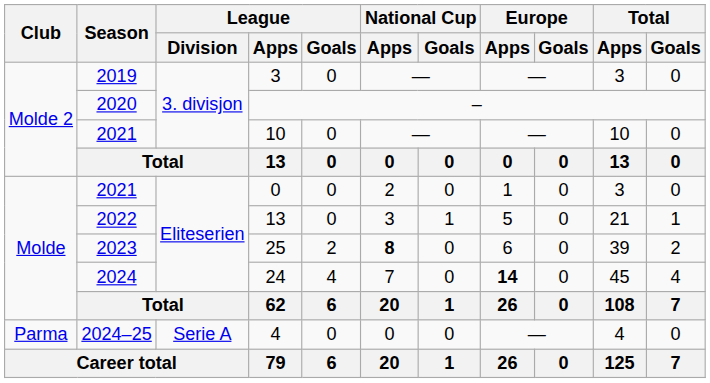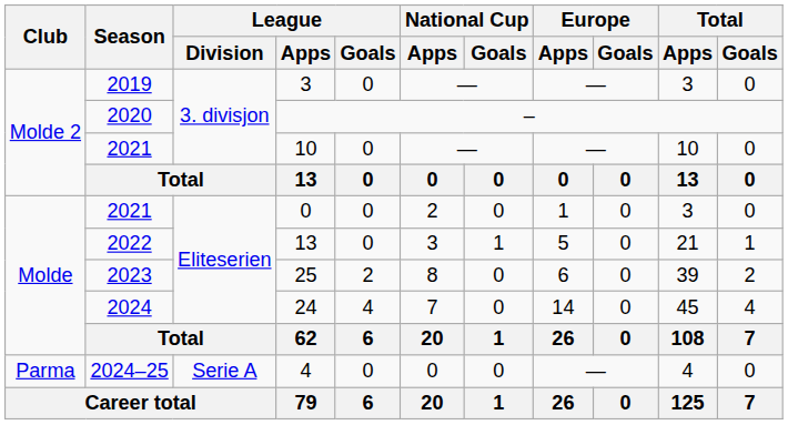 <table class="wikitable" style="text-align: center">
 <tr>
 <th rowspan="2">Club</th>
 <th rowspan="2">Season</th>
 <th colspan="3">League</th>
 <th colspan="2">National Cup</th>
 <th colspan="2">Europe</th>
 <th colspan="2">Total</th>
 </tr>
 <tr>
 <th>Division</th>
 <th>Apps</th>
 <th>Goals</th>
 <th>Apps</th>
 <th>Goals</th>
 <th>Apps</th>
 <th>Goals</th>
 <th>Apps</th>
 <th>Goals</th>
 </tr>
 <tr>
 <td rowspan="4"><a href='#'>Molde 2</a></td>
 <td><a href='#'>2019</a></td>
 <td rowspan="3"><a href='#'>3. divisjon</a></td>
 <td>3</td>
 <td>0</td>
 <td colspan="2">—</td>
 <td colspan="2">—</td>
 <td>3</td>
 <td>0</td>
 </tr>
 <tr>
 <td><a href='#'>2020</a></td>
 <td colspan="10">–</td>
 </tr>
 <tr>
 <td><a href='#'>2021</a></td>
 <td>10</td>
 <td>0</td>
 <td colspan="2">—</td>
 <td colspan="2">—</td>
 <td>10</td>
 <td>0</td>
 </tr>
 <tr>
 <th colspan="2">Total</th>
 <th>13</th>
 <th>0</th>
 <th>0</th>
 <th>0</th>
 <th>0</th>
 <th>0</th>
 <th>13</th>
 <th>0</th>
 </tr>
 <tr>
 <td rowspan="5"><a href='#'>Molde</a></td>
 <td><a href='#'>2021</a></td>
 <td rowspan="4"><a href='#'>Eliteserien</a></td>
 <td>0</td>
 <td>0</td>
 <td>2</td>
 <td>0</td>
 <td>1</td>
 <td>0</td>
 <td>3</td>
 <td>0</td>
 </tr>
 <tr>
 <td><a href='#'>2022</a></td>
 <td>13</td>
 <td>0</td>
 <td>3</td>
 <td>1</td>
 <td>5</td>
 <td>0</td>
 <td>21</td>
 <td>1</td>
 </tr>
 <tr>
 <td><a href='#'>2023</a></td>
 <td>25</td>
 <td>2</td>
-<td><strong>8</strong></td>
+<td>8</td>
 <td>0</td>
 <td>6</td>
 <td>0</td>
 <td>39</td>
 <td>2</td>
 </tr>
 <tr>
 <td><a href='#'>2024</a></td>
 <td>24</td>
 <td>4</td>
 <td>7</td>
 <td>0</td>
-<td><strong>14</strong></td>
+<td>14</td>
 <td>0</td>
 <td>45</td>
 <td>4</td>
 </tr>
 <tr>
 <th colspan="2">Total</th>
 <th>62</th>
 <th>6</th>
 <th>20</th>
 <th>1</th>
 <th>26</th>
 <th>0</th>
 <th>108</th>
 <th>7</th>
 </tr>
 <tr>
 <td><a href='#'>Parma</a></td>
 <td><a href='#'>2024–25</a></td>
 <td><a href='#'>Serie A</a></td>
 <td>4</td>
 <td>0</td>
 <td>0</td>
 <td>0</td>
 <td colspan="2">—</td>
 <td>4</td>
 <td>0</td>
 </tr>
 <tr>
 <th colspan="3">Career total</th>
 <th>79</th>
 <th>6</th>
 <th>20</th>
 <th>1</th>
 <th>26</th>
 <th>0</th>
 <th>125</th>
 <th>7</th>
 </tr>
 </table>
